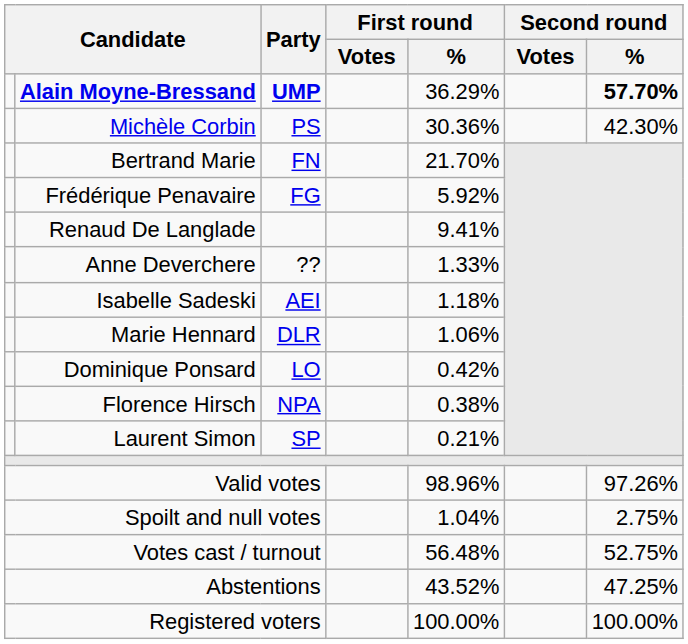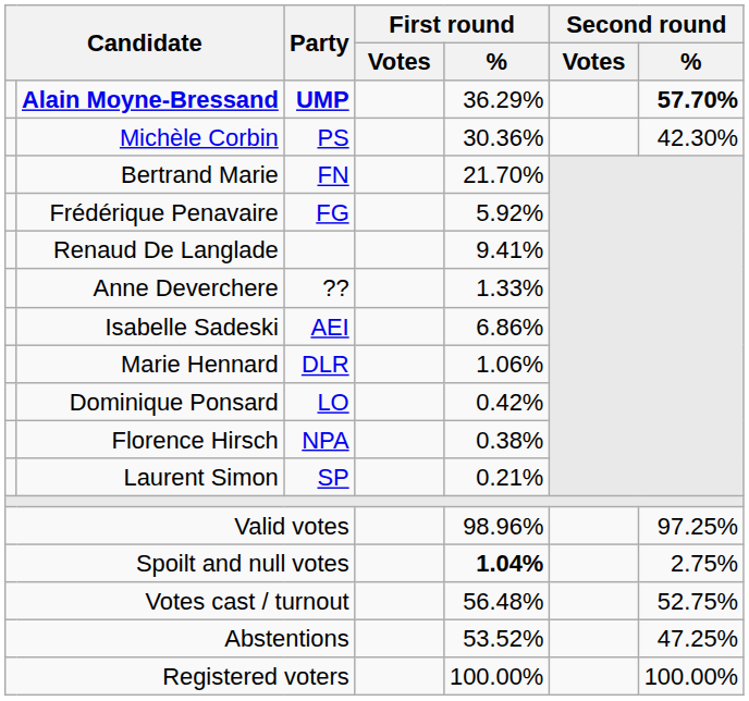 <table class="wikitable" style="text-align:right;font-size:95%;">
 <tr>
 <th rowspan=2 colspan=2>Candidate</th>
 <th rowspan=2 colspan=1>Party</th>
 <th colspan=2>First round</th>
 <th colspan=2>Second round</th>
 </tr>
 <tr>
 <th style="width:50px;">Votes</th>
 <th style="width:55px;">%</th>
 <th style="width:50px;">Votes</th>
 <th style="width:55px;">%</th>
 </tr>
 <tr>
 <td style="color:inherit;background-color:"></td>
 <td><strong><a href='#'>Alain Moyne-Bressand</a></strong></td>
 <td><strong><a href='#'>UMP</a></strong></td>
 <td></td>
 <td>36.29%</td>
 <td><strong></strong></td>
 <td><strong>57.70%</strong></td>
 </tr>
 <tr>
 <td style="color:inherit;background-color:"></td>
 <td><a href='#'>Michèle Corbin</a></td>
 <td><a href='#'>PS</a></td>
 <td></td>
 <td>30.36%</td>
 <td></td>
 <td>42.30%</td>
 </tr>
 <tr>
 <td style="color:inherit;background-color:"></td>
 <td>Bertrand Marie</td>
 <td><a href='#'>FN</a></td>
 <td></td>
 <td>21.70%</td>
 <td colspan=7 rowspan=9 style="background-color:#E9E9E9;"></td>
 </tr>
 <tr>
 <td style="color:inherit;background-color:"></td>
 <td>Frédérique Penavaire</td>
 <td><a href='#'>FG</a></td>
 <td></td>
 <td>5.92%</td>
 </tr>
 <tr>
 <td style="background-color:;"></td>
 <td>Renaud De Langlade</td>
 <td></td>
 <td></td>
 <td>9.41%</td>
 </tr>
 <tr>
 <td style="background-color:;"></td>
 <td>Anne Deverchere</td>
 <td>??</td>
 <td></td>
 <td>1.33%</td>
 </tr>
 <tr>
 <td style="color:inherit;background-color:"></td>
 <td>Isabelle Sadeski</td>
 <td><a href='#'>AEI</a></td>
 <td></td>
-<td>1.18%</td>
+<td>6.86%</td>
 </tr>
 <tr>
 <td style="color:inherit;background-color:"></td>
 <td>Marie Hennard</td>
 <td><a href='#'>DLR</a></td>
 <td></td>
 <td>1.06%</td>
 </tr>
 <tr>
 <td style="color:inherit;background-color:"></td>
 <td>Dominique Ponsard</td>
 <td><a href='#'>LO</a></td>
 <td></td>
 <td>0.42%</td>
 </tr>
 <tr>
 <td style="color:inherit;background-color:"></td>
 <td>Florence Hirsch</td>
 <td><a href='#'>NPA</a></td>
 <td></td>
 <td>0.38%</td>
 </tr>
 <tr>
 <td style="color:inherit;background-color:"></td>
 <td>Laurent Simon</td>
 <td><a href='#'>SP</a></td>
 <td></td>
 <td>0.21%</td>
 </tr>
 <tr>
 <td colspan=7 style="background-color:#E9E9E9;"></td>
 </tr>
 <tr>
 <td colspan=3>Valid votes</td>
 <td></td>
 <td>98.96%</td>
 <td></td>
-<td>97.26%</td>
+<td>97.25%</td>
 </tr>
 <tr>
 <td colspan=3>Spoilt and null votes</td>
 <td></td>
-<td>1.04%</td>
+<td><strong>1.04%</strong></td>
 <td></td>
 <td>2.75%</td>
 </tr>
 <tr>
 <td colspan=3>Votes cast / turnout</td>
 <td></td>
 <td>56.48%</td>
 <td></td>
 <td>52.75%</td>
 </tr>
 <tr>
 <td colspan=3>Abstentions</td>
 <td></td>
-<td>43.52%</td>
+<td>53.52%</td>
 <td></td>
 <td>47.25%</td>
 </tr>
 <tr>
 <td colspan=3>Registered voters</td>
 <td></td>
 <td>100.00%</td>
 <td></td>
 <td>100.00%</td>
 </tr>
 </table>
